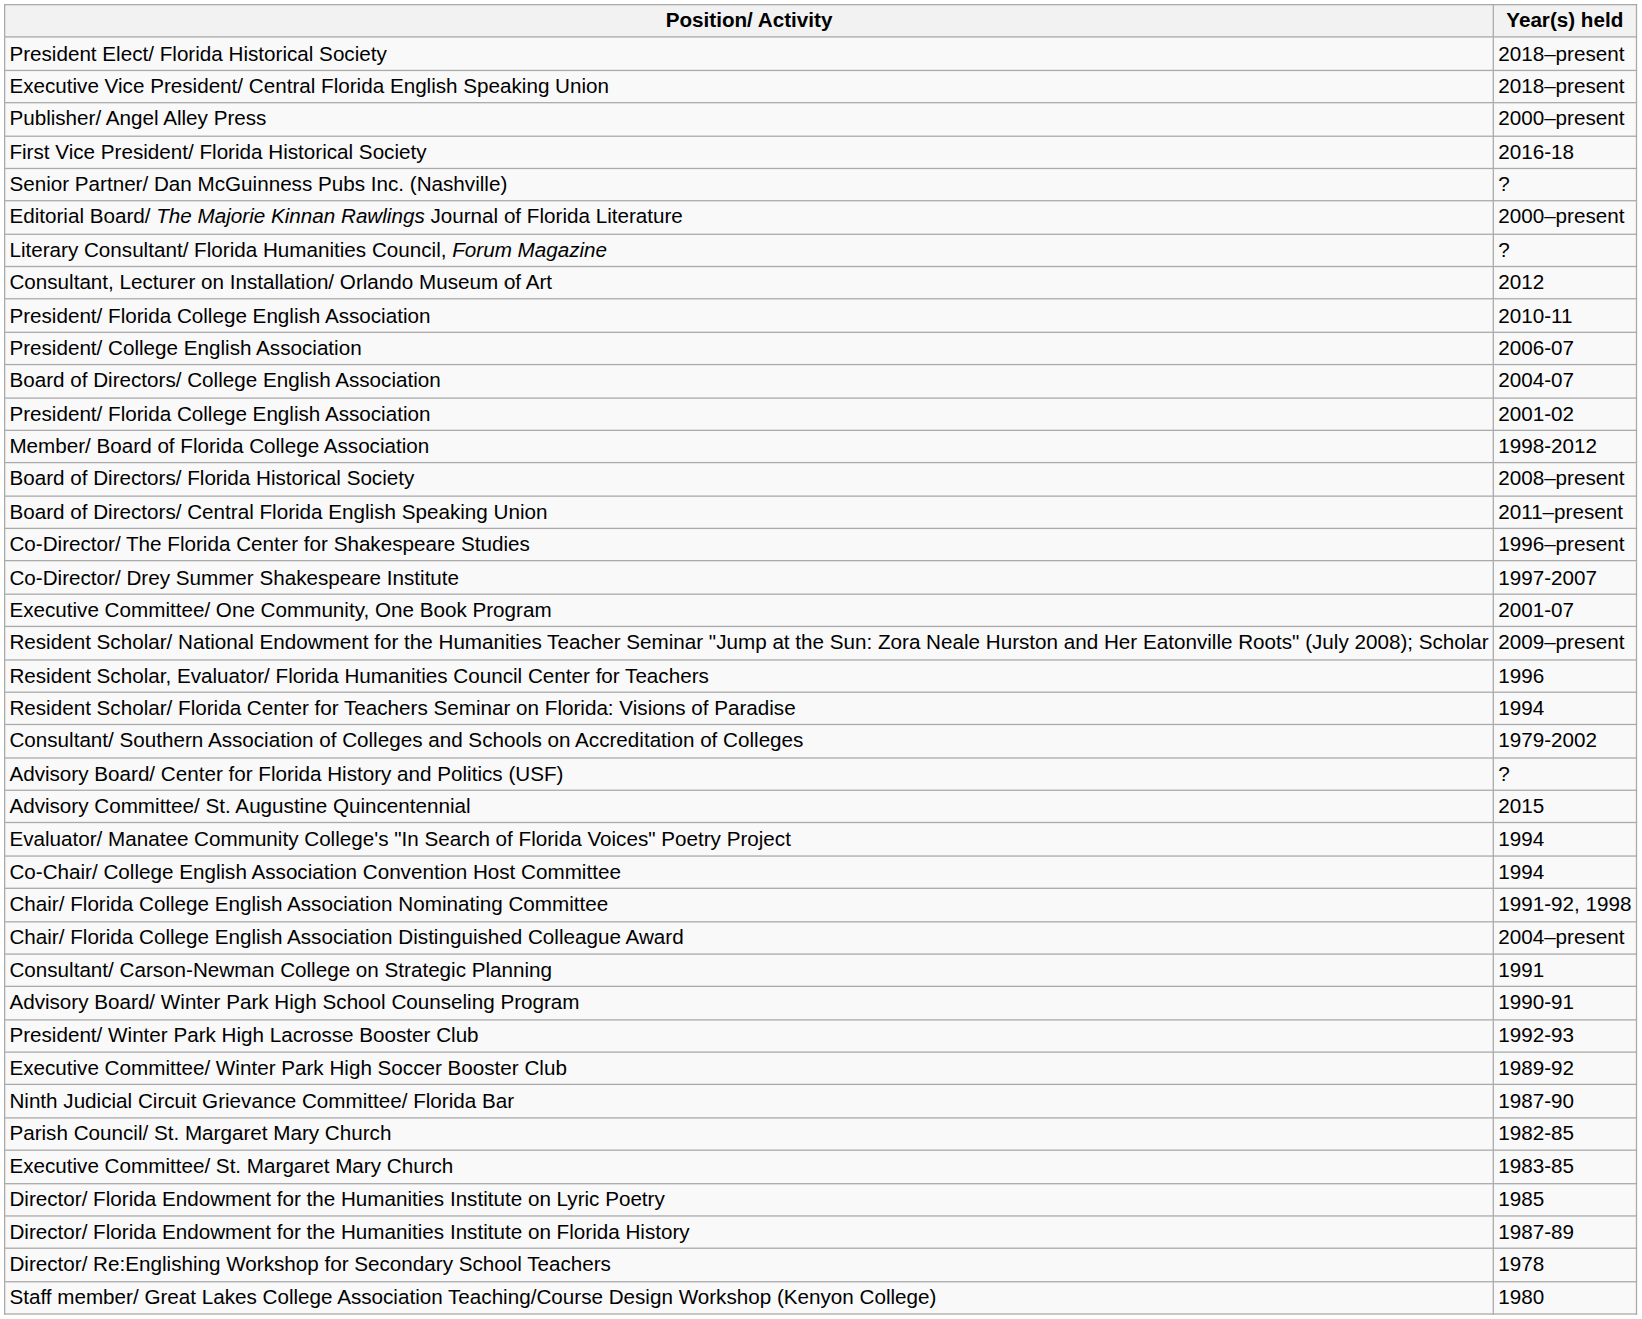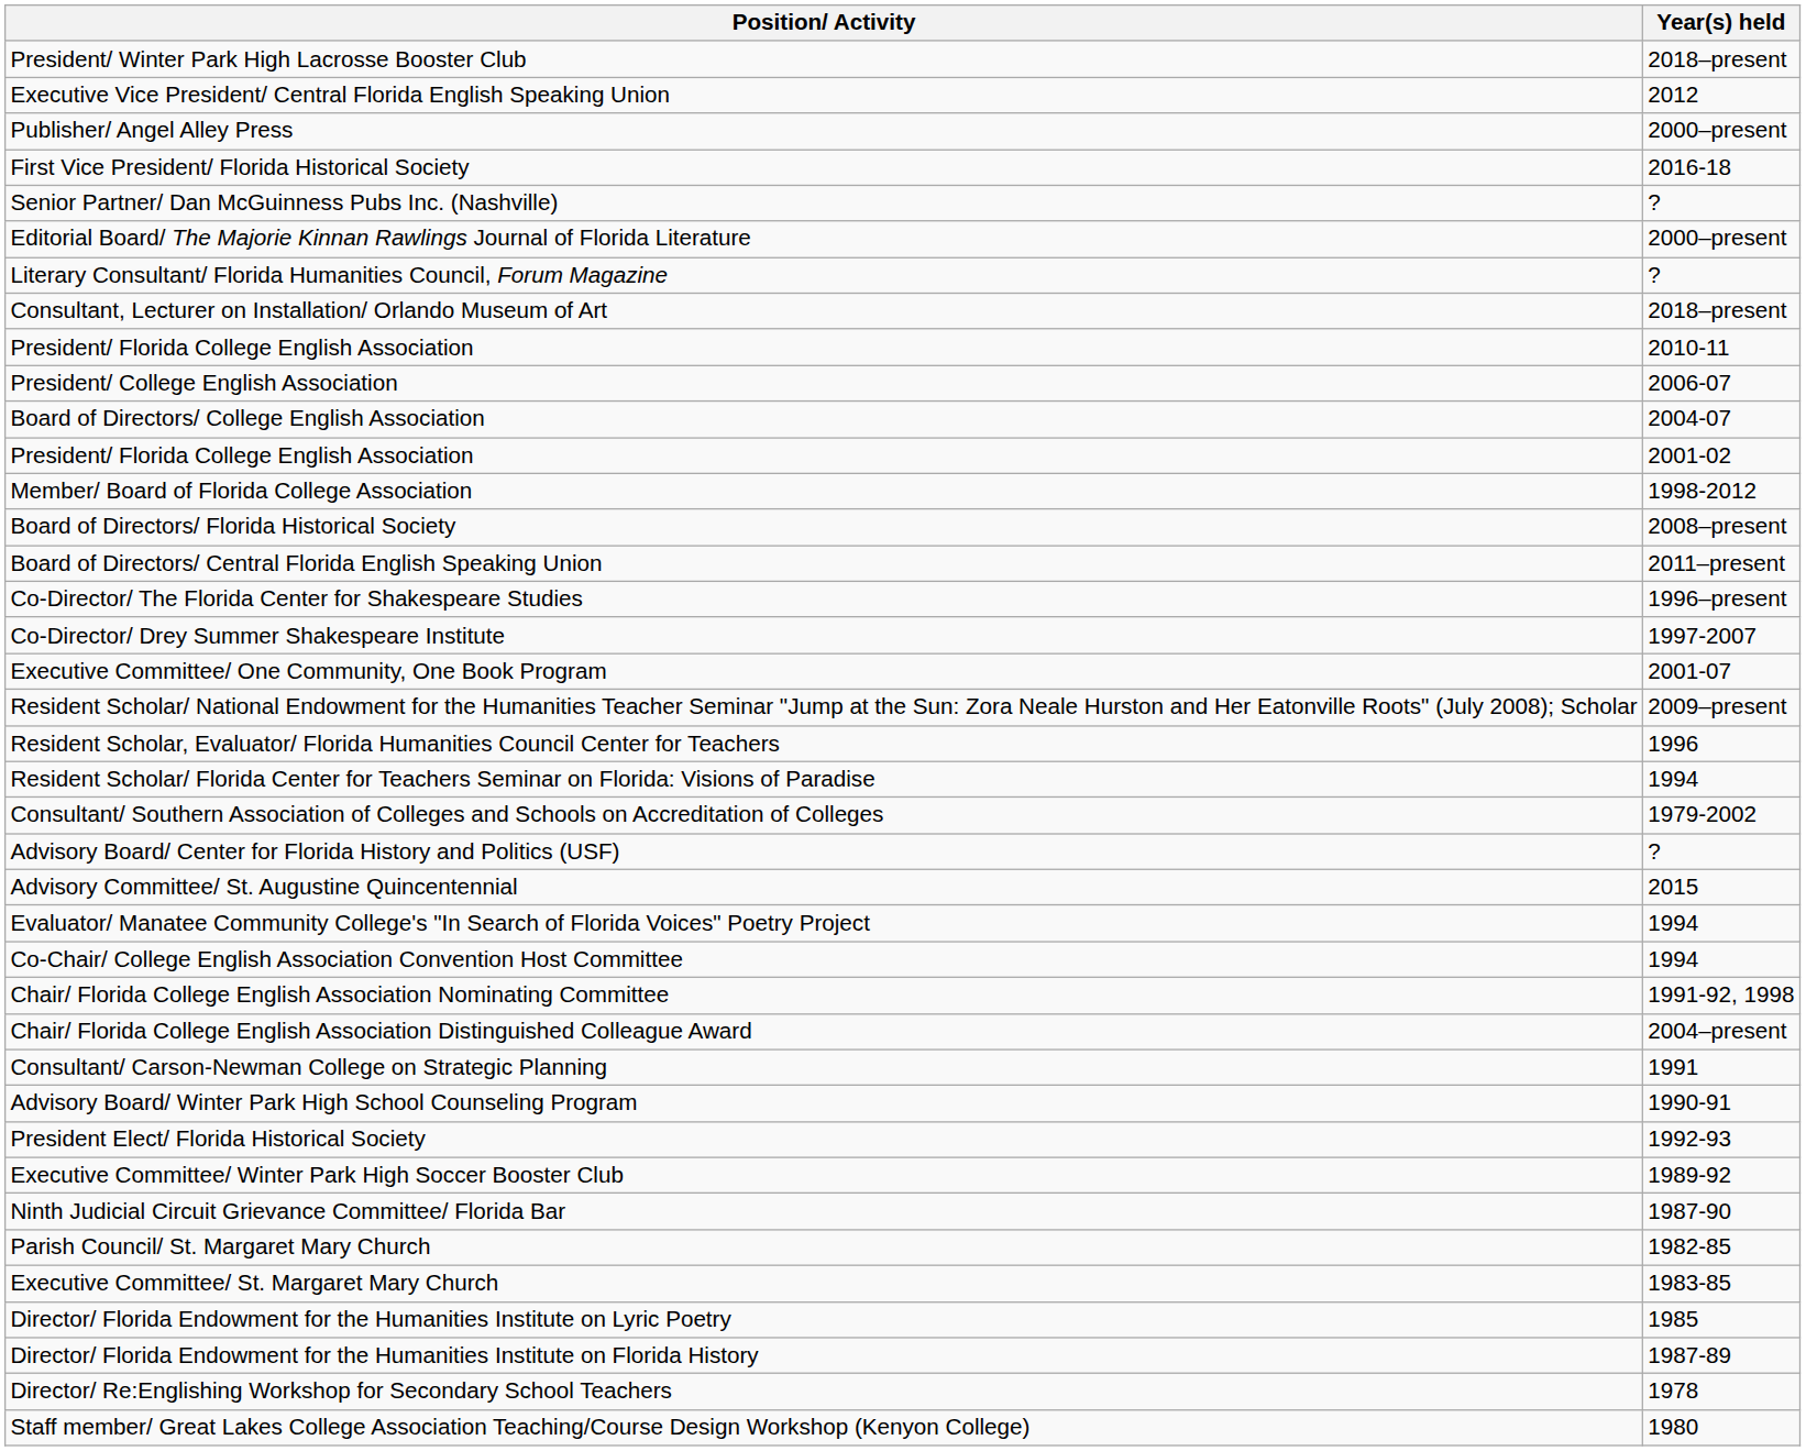 <table class="wikitable sortable mw-collapsible">
 <tr>
 <th>Position/ Activity</th>
 <th>Year(s) held</th>
 </tr>
 <tr>
-<td>President Elect/ Florida Historical Society</td>
+<td>President/ Winter Park High Lacrosse Booster Club</td>
 <td>2018–present</td>
 </tr>
 <tr>
 <td>Executive Vice President/ Central Florida English Speaking Union</td>
-<td>2018–present</td>
+<td>2012</td>
 </tr>
 <tr>
 <td>Publisher/ Angel Alley Press</td>
 <td>2000–present</td>
 </tr>
 <tr>
 <td>First Vice President/ Florida Historical Society</td>
 <td>2016-18</td>
 </tr>
 <tr>
 <td>Senior Partner/ Dan McGuinness Pubs Inc. (Nashville)</td>
 <td>?</td>
 </tr>
 <tr>
 <td>Editorial Board/ <em>The Majorie Kinnan Rawlings</em> Journal of Florida Literature</td>
 <td>2000–present</td>
 </tr>
 <tr>
 <td>Literary Consultant/ Florida Humanities Council, <em>Forum Magazine</em></td>
 <td>?</td>
 </tr>
 <tr>
 <td>Consultant, Lecturer on Installation/ Orlando Museum of Art</td>
-<td>2012</td>
+<td>2018–present</td>
 </tr>
 <tr>
 <td>President/ Florida College English Association</td>
 <td>2010-11</td>
 </tr>
 <tr>
 <td>President/ College English Association</td>
 <td>2006-07</td>
 </tr>
 <tr>
 <td>Board of Directors/ College English Association</td>
 <td>2004-07</td>
 </tr>
 <tr>
 <td>President/ Florida College English Association</td>
 <td>2001-02</td>
 </tr>
 <tr>
 <td>Member/ Board of Florida College Association</td>
 <td>1998-2012</td>
 </tr>
 <tr>
 <td>Board of Directors/ Florida Historical Society</td>
 <td>2008–present</td>
 </tr>
 <tr>
 <td>Board of Directors/ Central Florida English Speaking Union</td>
 <td>2011–present</td>
 </tr>
 <tr>
 <td>Co-Director/ The Florida Center for Shakespeare Studies</td>
 <td>1996–present</td>
 </tr>
 <tr>
 <td>Co-Director/ Drey Summer Shakespeare Institute</td>
 <td>1997-2007</td>
 </tr>
 <tr>
 <td>Executive Committee/ One Community, One Book Program</td>
 <td>2001-07</td>
 </tr>
 <tr>
 <td>Resident Scholar/ National Endowment for the Humanities Teacher Seminar "Jump at the Sun: Zora Neale Hurston and Her Eatonville Roots" (July 2008); Scholar</td>
 <td>2009–present</td>
 </tr>
 <tr>
 <td>Resident Scholar, Evaluator/ Florida Humanities Council Center for Teachers</td>
 <td>1996</td>
 </tr>
 <tr>
 <td>Resident Scholar/ Florida Center for Teachers Seminar on Florida: Visions of Paradise</td>
 <td>1994</td>
 </tr>
 <tr>
 <td>Consultant/ Southern Association of Colleges and Schools on Accreditation of Colleges</td>
 <td>1979-2002</td>
 </tr>
 <tr>
 <td>Advisory Board/ Center for Florida History and Politics (USF)</td>
 <td>?</td>
 </tr>
 <tr>
 <td>Advisory Committee/ St. Augustine Quincentennial</td>
 <td>2015</td>
 </tr>
 <tr>
 <td>Evaluator/ Manatee Community College's "In Search of Florida Voices" Poetry Project</td>
 <td>1994</td>
 </tr>
 <tr>
 <td>Co-Chair/ College English Association Convention Host Committee</td>
 <td>1994</td>
 </tr>
 <tr>
 <td>Chair/ Florida College English Association Nominating Committee</td>
 <td>1991-92, 1998</td>
 </tr>
 <tr>
 <td>Chair/ Florida College English Association Distinguished Colleague Award</td>
 <td>2004–present</td>
 </tr>
 <tr>
 <td>Consultant/ Carson-Newman College on Strategic Planning</td>
 <td>1991</td>
 </tr>
 <tr>
 <td>Advisory Board/ Winter Park High School Counseling Program</td>
 <td>1990-91</td>
 </tr>
 <tr>
-<td>President/ Winter Park High Lacrosse Booster Club</td>
+<td>President Elect/ Florida Historical Society</td>
 <td>1992-93</td>
 </tr>
 <tr>
 <td>Executive Committee/ Winter Park High Soccer Booster Club</td>
 <td>1989-92</td>
 </tr>
 <tr>
 <td>Ninth Judicial Circuit Grievance Committee/ Florida Bar</td>
 <td>1987-90</td>
 </tr>
 <tr>
 <td>Parish Council/ St. Margaret Mary Church</td>
 <td>1982-85</td>
 </tr>
 <tr>
 <td>Executive Committee/ St. Margaret Mary Church</td>
 <td>1983-85</td>
 </tr>
 <tr>
 <td>Director/ Florida Endowment for the Humanities Institute on Lyric Poetry</td>
 <td>1985</td>
 </tr>
 <tr>
 <td>Director/ Florida Endowment for the Humanities Institute on Florida History</td>
 <td>1987-89</td>
 </tr>
 <tr>
 <td>Director/ Re:Englishing Workshop for Secondary School Teachers</td>
 <td>1978</td>
 </tr>
 <tr>
 <td>Staff member/ Great Lakes College Association Teaching/Course Design Workshop (Kenyon College)</td>
 <td>1980</td>
 </tr>
 </table>
